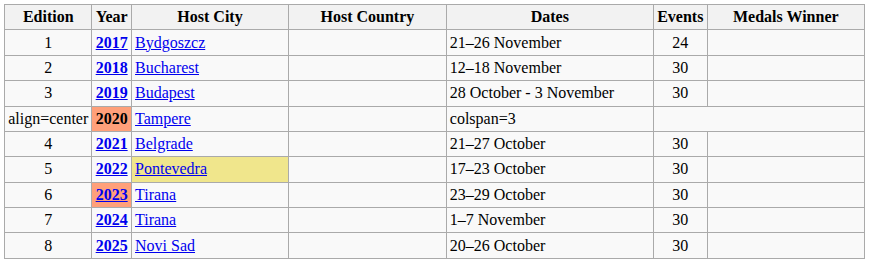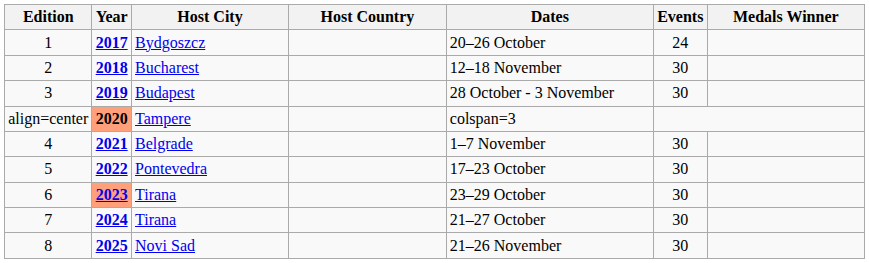 <table class="wikitable" style="font-size:100%">
 <tr>
 <th width=30>Edition</th>
 <th width=30>Year</th>
 <th width=150>Host City</th>
 <th width=150>Host Country</th>
 <th width=200>Dates</th>
 <th width=30>Events</th>
 <th width=150>Medals Winner</th>
 </tr>
 <tr>
 <td align=center>1</td>
 <td><strong><a href='#'>2017</a></strong></td>
 <td><a href='#'>Bydgoszcz</a></td>
 <td></td>
-<td>21–26 November</td>
+<td>20–26 October</td>
 <td align=center>24</td>
 <td></td>
 </tr>
 <tr>
 <td align=center>2</td>
 <td><strong><a href='#'>2018</a></strong></td>
 <td><a href='#'>Bucharest</a></td>
 <td></td>
 <td>12–18 November</td>
 <td align=center>30</td>
 <td></td>
 </tr>
 <tr>
 <td align=center>3</td>
 <td><strong><a href='#'>2019</a></strong></td>
 <td><a href='#'>Budapest</a></td>
 <td></td>
 <td>28 October - 3 November</td>
 <td align=center>30</td>
 <td></td>
 </tr>
 <tr>
 <td>align=center </td>
 <td style="background: lightsalmon;"><strong>2020</strong></td>
 <td><a href='#'>Tampere</a></td>
 <td></td>
 <td>colspan=3 </td>
 </tr>
 <tr>
 <td align=center>4</td>
 <td><strong><a href='#'>2021</a></strong></td>
 <td><a href='#'>Belgrade</a></td>
 <td></td>
-<td>21–27 October</td>
+<td>1–7 November</td>
 <td align=center>30</td>
 <td></td>
 </tr>
 <tr>
 <td align=center>5</td>
 <td><strong><a href='#'>2022</a></strong></td>
-<td style="background: khaki;"><a href='#'>Pontevedra</a></td>
+<td><a href='#'>Pontevedra</a></td>
 <td></td>
 <td>17–23 October</td>
 <td align=center>30</td>
 <td></td>
 </tr>
 <tr>
 <td align=center>6</td>
 <td style="background: lightsalmon;"><strong><a href='#'>2023</a></strong></td>
 <td><a href='#'>Tirana</a></td>
 <td></td>
 <td>23–29 October</td>
 <td align=center>30</td>
 <td></td>
 </tr>
 <tr>
 <td align=center>7</td>
 <td><strong><a href='#'>2024</a></strong></td>
 <td><a href='#'>Tirana</a></td>
 <td></td>
-<td>1–7 November</td>
+<td>21–27 October</td>
 <td align=center>30</td>
 <td></td>
 </tr>
 <tr>
 <td align=center>8</td>
 <td><strong><a href='#'>2025</a></strong></td>
 <td><a href='#'>Novi Sad</a></td>
 <td></td>
-<td>20–26 October</td>
+<td>21–26 November</td>
 <td align=center>30</td>
 <td></td>
 </tr>
 </table>
